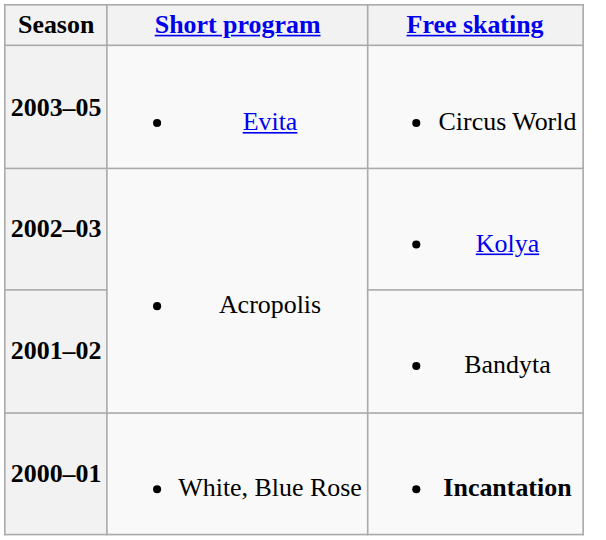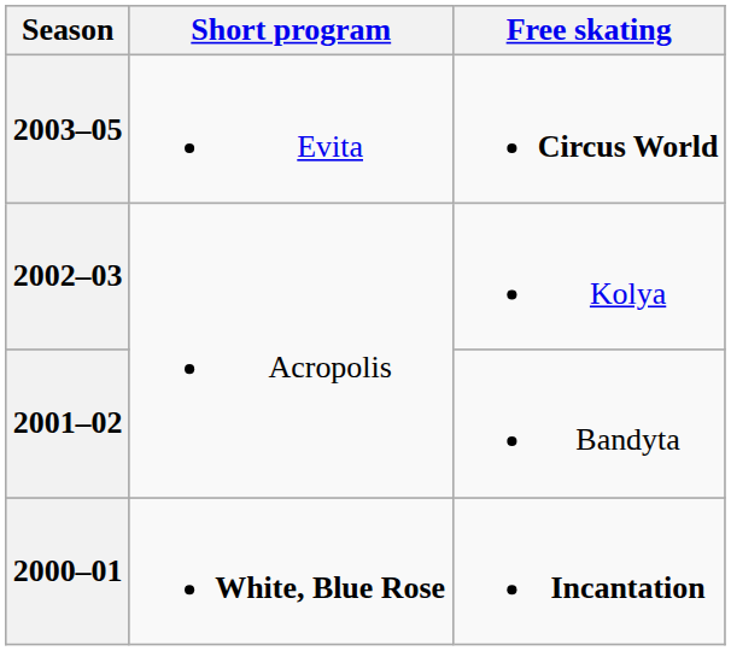 <table class=wikitable style=text-align:center>
 <tr>
 <th>Season</th>
 <th><a href='#'>Short program</a></th>
 <th><a href='#'>Free skating</a></th>
 </tr>
 <tr>
 <th>2003–05 <br></th>
 <td><br><ul><li><a href='#'>Evita</a> <br></li></ul></td>
-<td><br><ul><li>Circus World <br></li></ul></td>
+<td><strong><br><ul><li>Circus World <br></li></ul></strong></td>
 </tr>
 <tr>
 <th>2002–03 <br></th>
 <td rowspan=2><br><ul><li>Acropolis <br></li></ul></td>
 <td><br><ul><li><a href='#'>Kolya</a> <br></li></ul></td>
 </tr>
 <tr>
 <th>2001–02 <br></th>
 <td><br><ul><li>Bandyta <br></li></ul></td>
 </tr>
 <tr>
 <th>2000–01 <br></th>
-<td><br><ul><li>White, Blue Rose <br></li></ul></td>
+<td><strong><br><ul><li>White, Blue Rose <br></li></ul></strong></td>
 <td><strong><br><ul><li>Incantation <br></li></ul></strong></td>
 </tr>
 </table>
